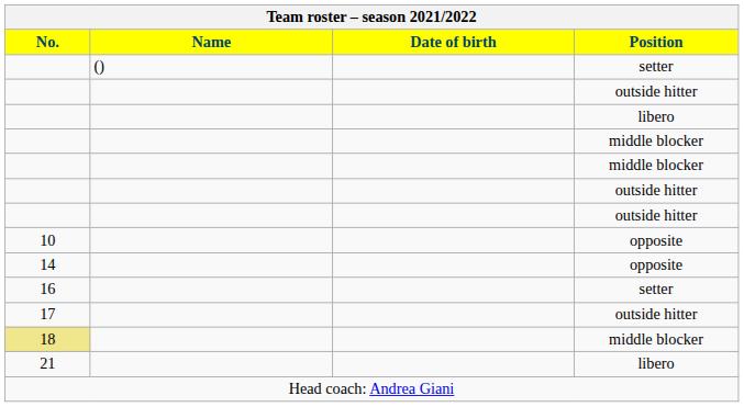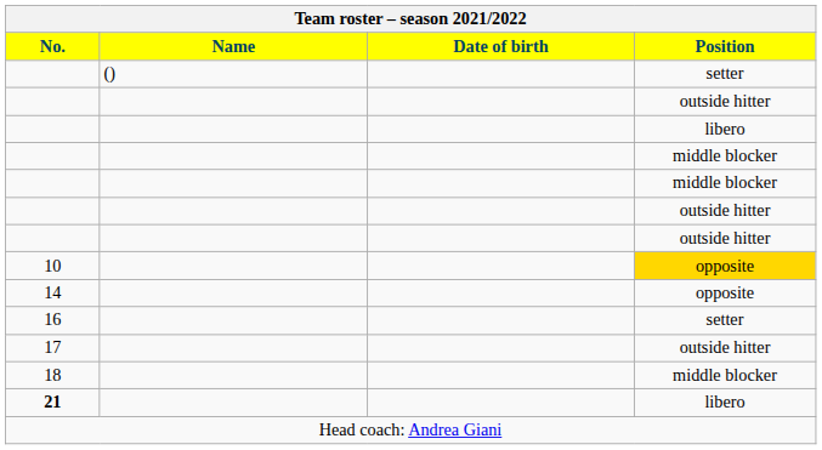 <table class="wikitable collapsible collapsed sortable" style="font-size:100%; text-align:center;">
 <tr>
 <th colspan=6>Team roster – season 2021/2022</th>
 </tr>
 <tr>
 <th style="width:5em; color:#004466; background-color:#ffff00">No.</th>
 <th style="width:15em; color:#004466; background-color:#ffff00">Name</th>
 <th style="width:15em; color:#004466; background-color:#ffff00">Date of birth</th>
 <th style="width:10em; color:#004466; background-color:#ffff00">Position</th>
 </tr>
 <tr>
 <td></td>
 <td align=left>  ()</td>
 <td align=right></td>
 <td>setter</td>
 </tr>
 <tr>
 <td></td>
 <td align=left> </td>
 <td align=right></td>
 <td>outside hitter</td>
 </tr>
 <tr>
 <td></td>
 <td align=left> </td>
 <td align=right></td>
 <td>libero</td>
 </tr>
 <tr>
 <td></td>
 <td align=left> </td>
 <td align=right></td>
 <td>middle blocker</td>
 </tr>
 <tr>
 <td></td>
 <td align=left> </td>
 <td align=right></td>
 <td>middle blocker</td>
 </tr>
 <tr>
 <td></td>
 <td align=left> </td>
 <td align=right></td>
 <td>outside hitter</td>
 </tr>
 <tr>
 <td></td>
 <td align=left> </td>
 <td align=right></td>
 <td>outside hitter</td>
 </tr>
 <tr>
 <td>10</td>
 <td align=left> </td>
 <td align=right></td>
-<td>opposite</td>
+<td style="background: gold;">opposite</td>
 </tr>
 <tr>
 <td>14</td>
 <td align=left> </td>
 <td align=right></td>
 <td>opposite</td>
 </tr>
 <tr>
 <td>16</td>
 <td align=left> </td>
 <td align=right></td>
 <td>setter</td>
 </tr>
 <tr>
 <td>17</td>
 <td align=left> </td>
 <td align=right></td>
 <td>outside hitter</td>
 </tr>
 <tr>
-<td style="background: khaki;">18</td>
+<td>18</td>
 <td align=left> </td>
 <td align=right></td>
 <td>middle blocker</td>
 </tr>
 <tr>
-<td>21</td>
+<td><strong>21</strong></td>
 <td align=left> </td>
 <td align=right></td>
 <td>libero</td>
 </tr>
 <tr>
 <td colspan=4>Head coach:  <a href='#'>Andrea Giani</a></td>
 </tr>
 </table>
